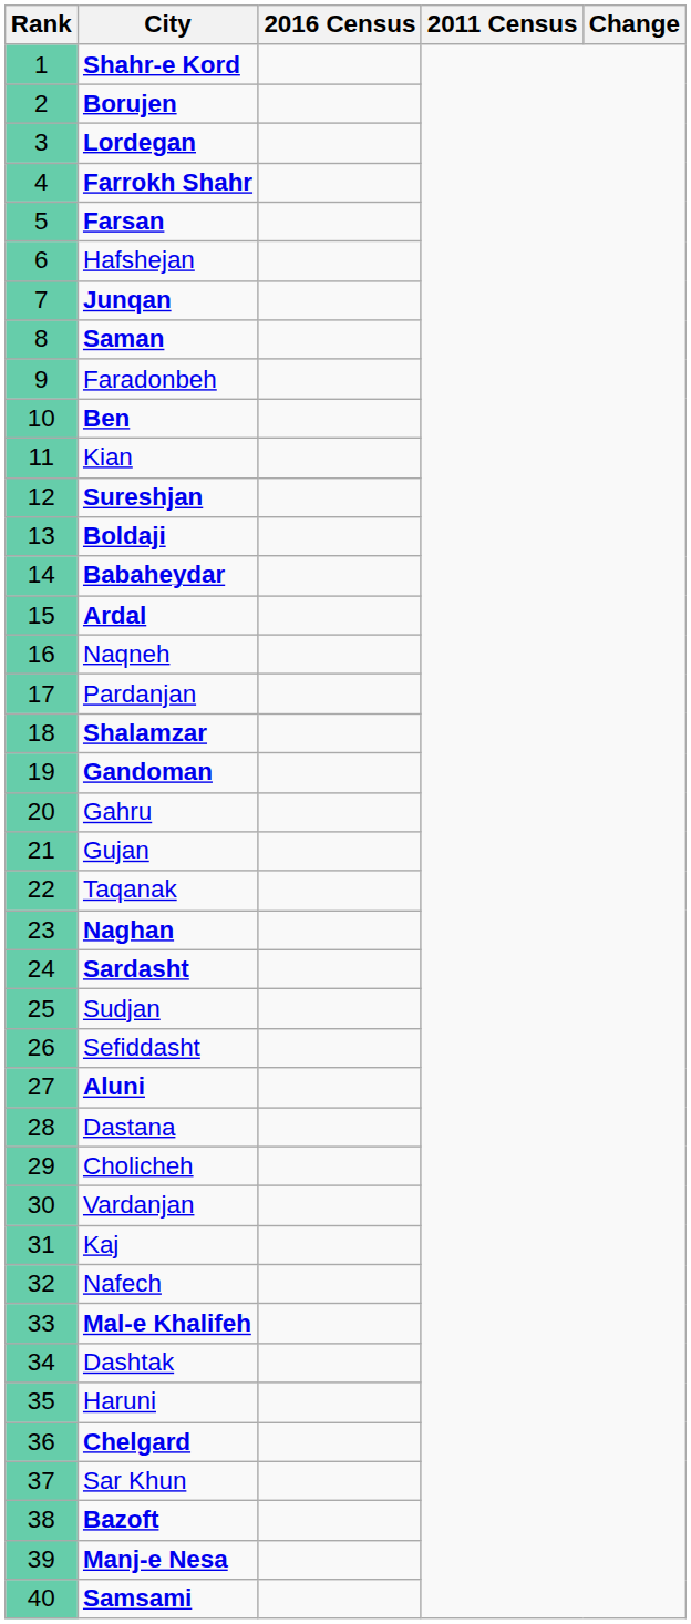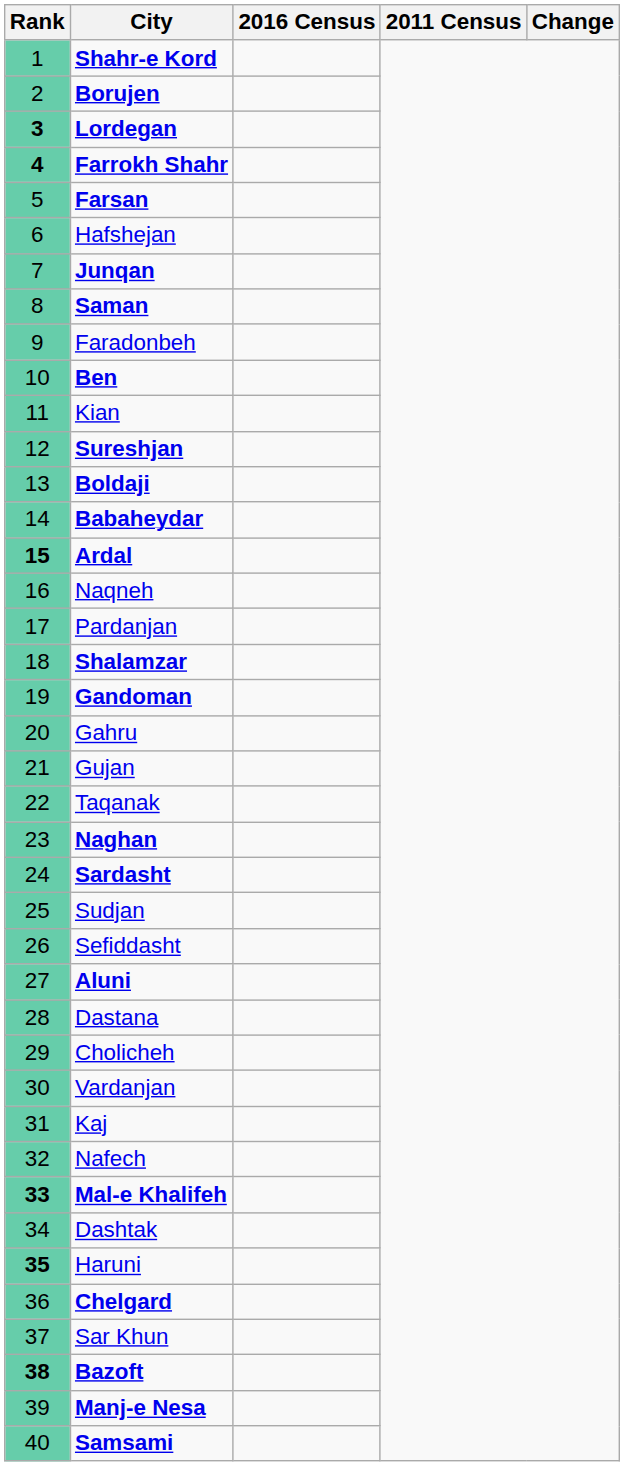 <table class="wikitable sortable">
 <tr>
 <th>Rank</th>
 <th>City</th>
 <th>2016 Census</th>
 <th>2011 Census</th>
 <th>Change</th>
 </tr>
 <tr>
 <td align=center bgcolor="66CDAA">1</td>
 <td><strong><a href='#'>Shahr-e Kord</a></strong></td>
 <td></td>
 </tr>
 <tr>
 <td align=center bgcolor="66CDAA">2</td>
 <td><strong><a href='#'>Borujen</a></strong></td>
 <td></td>
 </tr>
 <tr>
-<td align="center" bgcolor="66CDAA">3</td>
+<td align="center" bgcolor="66CDAA"><strong>3</strong></td>
 <td><strong><a href='#'>Lordegan</a></strong></td>
 <td></td>
 </tr>
 <tr>
-<td align="center" bgcolor="66CDAA">4</td>
+<td align="center" bgcolor="66CDAA"><strong>4</strong></td>
 <td><strong><a href='#'>Farrokh Shahr</a></strong></td>
 <td></td>
 </tr>
 <tr>
 <td align=center bgcolor="66CDAA">5</td>
 <td><strong><a href='#'>Farsan</a></strong></td>
 <td></td>
 </tr>
 <tr>
 <td align=center bgcolor="66CDAA">6</td>
 <td><a href='#'>Hafshejan</a></td>
 <td></td>
 </tr>
 <tr>
 <td align="center" bgcolor="66CDAA">7</td>
 <td><strong><a href='#'>Junqan</a></strong></td>
 <td></td>
 </tr>
 <tr>
 <td align=center bgcolor="66CDAA">8</td>
 <td><strong><a href='#'>Saman</a></strong></td>
 <td></td>
 </tr>
 <tr>
 <td align=center bgcolor="66CDAA">9</td>
 <td><a href='#'>Faradonbeh</a></td>
 <td></td>
 </tr>
 <tr>
 <td align=center bgcolor="66CDAA">10</td>
 <td><strong><a href='#'>Ben</a></strong></td>
 <td></td>
 </tr>
 <tr>
 <td align="center" bgcolor="66CDAA">11</td>
 <td><a href='#'>Kian</a></td>
 <td></td>
 </tr>
 <tr>
 <td align=center bgcolor="66CDAA">12</td>
 <td><strong><a href='#'>Sureshjan</a></strong></td>
 <td></td>
 </tr>
 <tr>
 <td align="center" bgcolor="66CDAA">13</td>
 <td><strong><a href='#'>Boldaji</a></strong></td>
 <td></td>
 </tr>
 <tr>
 <td align=center bgcolor="66CDAA">14</td>
 <td><strong><a href='#'>Babaheydar</a></strong></td>
 <td></td>
 </tr>
 <tr>
-<td align=center bgcolor="66CDAA">15</td>
+<td align=center bgcolor="66CDAA"><strong>15</strong></td>
 <td><strong><a href='#'>Ardal</a></strong></td>
 <td></td>
 </tr>
 <tr>
 <td align=center bgcolor="66CDAA">16</td>
 <td><a href='#'>Naqneh</a></td>
 <td></td>
 </tr>
 <tr>
 <td align=center bgcolor="66CDAA">17</td>
 <td><a href='#'>Pardanjan</a></td>
 <td></td>
 </tr>
 <tr>
 <td align=center bgcolor="66CDAA">18</td>
 <td><strong><a href='#'>Shalamzar</a></strong></td>
 <td></td>
 </tr>
 <tr>
 <td align="center" bgcolor="66CDAA">19</td>
 <td><strong><a href='#'>Gandoman</a></strong></td>
 <td></td>
 </tr>
 <tr>
 <td align=center bgcolor="66CDAA">20</td>
 <td><a href='#'>Gahru</a></td>
 <td></td>
 </tr>
 <tr>
 <td align=center bgcolor="66CDAA">21</td>
 <td><a href='#'>Gujan</a></td>
 <td></td>
 </tr>
 <tr>
 <td align=center bgcolor="66CDAA">22</td>
 <td><a href='#'>Taqanak</a></td>
 <td></td>
 </tr>
 <tr>
 <td align=center bgcolor="66CDAA">23</td>
 <td><strong><a href='#'>Naghan</a></strong></td>
 <td></td>
 </tr>
 <tr>
 <td align="center" bgcolor="66CDAA">24</td>
 <td><strong><a href='#'>Sardasht</a></strong></td>
 <td></td>
 </tr>
 <tr>
 <td align="center" bgcolor="66CDAA">25</td>
 <td><a href='#'>Sudjan</a></td>
 <td></td>
 </tr>
 <tr>
 <td align="center" bgcolor="66CDAA">26</td>
 <td><a href='#'>Sefiddasht</a></td>
 <td></td>
 </tr>
 <tr>
 <td align="center" bgcolor="66CDAA">27</td>
 <td><strong><a href='#'>Aluni</a></strong></td>
 <td></td>
 </tr>
 <tr>
 <td align="center" bgcolor="66CDAA">28</td>
 <td><a href='#'>Dastana</a></td>
 <td></td>
 </tr>
 <tr>
 <td align="center" bgcolor="66CDAA">29</td>
 <td><a href='#'>Cholicheh</a></td>
 <td></td>
 </tr>
 <tr>
 <td align="center" bgcolor="66CDAA">30</td>
 <td><a href='#'>Vardanjan</a></td>
 <td></td>
 </tr>
 <tr>
 <td align="center" bgcolor="66CDAA">31</td>
 <td><a href='#'>Kaj</a></td>
 <td></td>
 </tr>
 <tr>
 <td align="center" bgcolor="66CDAA">32</td>
 <td><a href='#'>Nafech</a></td>
 <td></td>
 </tr>
 <tr>
-<td align="center" bgcolor="66CDAA">33</td>
+<td align="center" bgcolor="66CDAA"><strong>33</strong></td>
 <td><strong><a href='#'>Mal-e Khalifeh</a></strong></td>
 <td></td>
 </tr>
 <tr>
 <td align="center" bgcolor="66CDAA">34</td>
 <td><a href='#'>Dashtak</a></td>
 <td></td>
 </tr>
 <tr>
-<td align="center" bgcolor="66CDAA">35</td>
+<td align="center" bgcolor="66CDAA"><strong>35</strong></td>
 <td><a href='#'>Haruni</a></td>
 <td></td>
 </tr>
 <tr>
 <td align="center" bgcolor="66CDAA">36</td>
 <td><strong><a href='#'>Chelgard</a></strong></td>
 <td></td>
 </tr>
 <tr>
 <td align="center" bgcolor="66CDAA">37</td>
 <td><a href='#'>Sar Khun</a></td>
 <td></td>
 </tr>
 <tr>
-<td align="center" bgcolor="66CDAA">38</td>
+<td align="center" bgcolor="66CDAA"><strong>38</strong></td>
 <td><strong><a href='#'>Bazoft</a></strong></td>
 <td></td>
 </tr>
 <tr>
 <td align="center" bgcolor="66CDAA">39</td>
 <td><strong><a href='#'>Manj-e Nesa</a></strong></td>
 <td></td>
 </tr>
 <tr>
 <td align="center" bgcolor="66CDAA">40</td>
 <td><strong><a href='#'>Samsami</a></strong></td>
 <td></td>
 </tr>
 </table>
